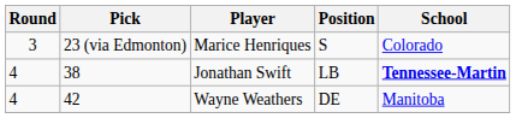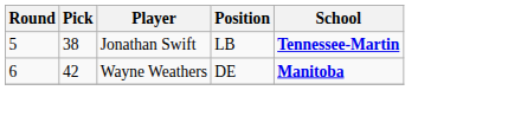 <table class="wikitable" style="font-size: 95%;">
 <tr>
 <th scope="col">Round</th>
 <th scope="col">Pick</th>
 <th scope="col">Player</th>
 <th scope="col">Position</th>
 <th scope="col">School</th>
 </tr>
 <tr>
-<td align=center>3</td>
-<td>23 (via Edmonton)</td>
-<td>Marice Henriques</td>
-<td>S</td>
-<td><a href='#'>Colorado</a></td>
-</tr>
-<tr>
-<td>4</td>
+<td>5</td>
 <td>38</td>
 <td>Jonathan Swift</td>
 <td>LB</td>
 <td><strong><a href='#'>Tennessee-Martin</a></strong></td>
 </tr>
 <tr>
-<td>4</td>
+<td>6</td>
 <td>42</td>
 <td>Wayne Weathers</td>
 <td>DE</td>
-<td><a href='#'>Manitoba</a></td>
+<td><strong><a href='#'>Manitoba</a></strong></td>
 </tr>
 <tr>
 </tr>
 </table>
